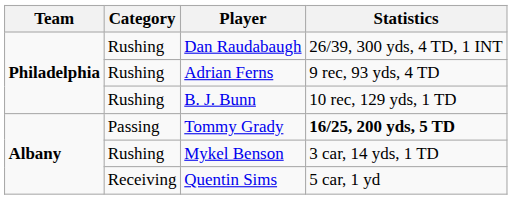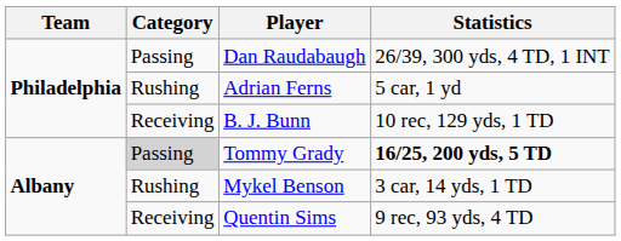 <table class="wikitable" style="display: inline-table;">
 <tr>
 <th>Team</th>
 <th>Category</th>
 <th>Player</th>
 <th>Statistics</th>
 </tr>
 <tr>
 <td rowspan=3><strong>Philadelphia</strong></td>
-<td>Rushing</td>
+<td>Passing</td>
 <td><a href='#'>Dan Raudabaugh</a></td>
 <td>26/39, 300 yds, 4 TD, 1 INT</td>
 </tr>
 <tr>
 <td>Rushing</td>
 <td><a href='#'>Adrian Ferns</a></td>
-<td>9 rec, 93 yds, 4 TD</td>
+<td>5 car, 1 yd</td>
 </tr>
 <tr>
-<td>Rushing</td>
+<td>Receiving</td>
 <td><a href='#'>B. J. Bunn</a></td>
 <td>10 rec, 129 yds, 1 TD</td>
 </tr>
 <tr>
 <td rowspan=3><strong>Albany</strong></td>
-<td>Passing</td>
+<td style="background: lightgrey;">Passing</td>
 <td><a href='#'>Tommy Grady</a></td>
 <td><strong>16/25, 200 yds, 5 TD</strong></td>
 </tr>
 <tr>
 <td>Rushing</td>
 <td><a href='#'>Mykel Benson</a></td>
 <td>3 car, 14 yds, 1 TD</td>
 </tr>
 <tr>
 <td>Receiving</td>
 <td><a href='#'>Quentin Sims</a></td>
-<td>5 car, 1 yd</td>
+<td>9 rec, 93 yds, 4 TD</td>
 </tr>
 </table>
